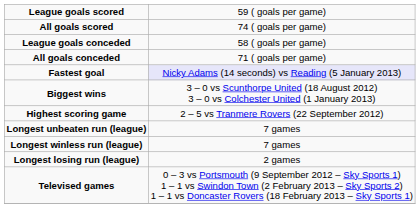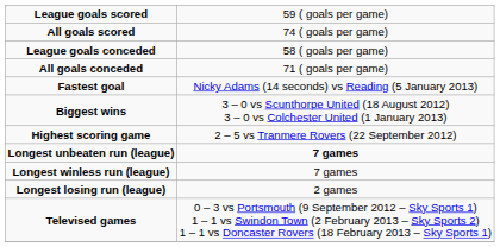 <table class="wikitable" style="font-size: 95%; text-align: center;">
 <tr>
 <td><strong>League goals scored</strong></td>
 <td>59 ( goals per game)</td>
 </tr>
 <tr>
 <td><strong>All goals scored</strong></td>
 <td>74 ( goals per game)</td>
 </tr>
 <tr>
 <td><strong>League goals conceded</strong></td>
 <td>58 ( goals per game)</td>
 </tr>
 <tr>
 <td><strong>All goals conceded</strong></td>
 <td>71 ( goals per game)</td>
 </tr>
 <tr>
 <td><strong>Fastest goal</strong></td>
-<td style="background: lavender;"><a href='#'>Nicky Adams</a> (14 seconds) vs <a href='#'>Reading</a> (5 January 2013)</td>
+<td><a href='#'>Nicky Adams</a> (14 seconds) vs <a href='#'>Reading</a> (5 January 2013)</td>
 </tr>
 <tr>
 <td><strong>Biggest wins</strong></td>
 <td>3 – 0 vs <a href='#'>Scunthorpe United</a> (18 August 2012)<br>3 – 0 vs <a href='#'>Colchester United</a> (1 January 2013)</td>
 </tr>
 <tr>
 <td><strong>Highest scoring game</strong></td>
 <td>2 – 5 vs <a href='#'>Tranmere Rovers</a> (22 September 2012)</td>
 </tr>
 <tr>
 <td><strong>Longest unbeaten run (league)</strong></td>
-<td>7 games</td>
+<td><strong>7 games</strong></td>
 </tr>
 <tr>
 <td><strong>Longest winless run (league)</strong></td>
 <td>7 games</td>
 </tr>
 <tr>
 <td><strong>Longest losing run (league)</strong></td>
 <td>2 games</td>
 </tr>
 <tr>
 <td><strong>Televised games</strong></td>
 <td>0 – 3 vs <a href='#'>Portsmouth</a> (9 September 2012 – <a href='#'>Sky Sports 1</a>)<br>1 – 1 vs <a href='#'>Swindon Town</a> (2 February 2013 – <a href='#'>Sky Sports 2</a>)<br>1 – 1 vs <a href='#'>Doncaster Rovers</a> (18 February 2013 – <a href='#'>Sky Sports 1</a>)</td>
 </tr>
 <tr>
 </tr>
 </table>
